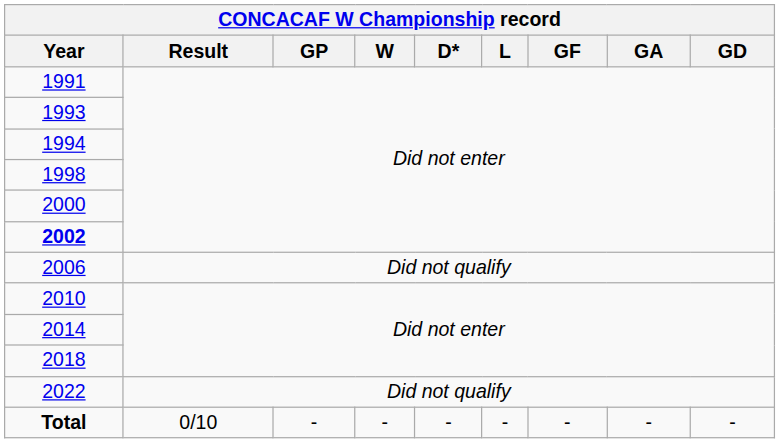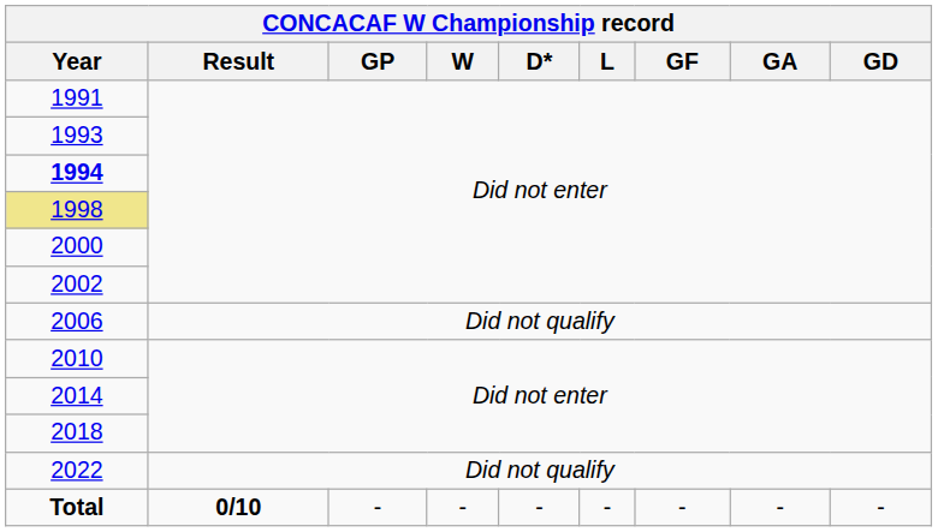 <table class="wikitable" style="text-align: center; width:50%;">
 <tr>
 <th colspan=10><a href='#'>CONCACAF W Championship</a> record</th>
 </tr>
 <tr>
 <th>Year</th>
 <th>Result</th>
 <th>GP</th>
 <th>W</th>
 <th>D*</th>
 <th>L</th>
 <th>GF</th>
 <th>GA</th>
 <th>GD</th>
 </tr>
 <tr>
 <td> <a href='#'>1991</a></td>
 <td colspan=8 rowspan=6><em>Did not enter</em></td>
 </tr>
 <tr>
 <td> <a href='#'>1993</a></td>
 </tr>
 <tr>
-<td> <a href='#'>1994</a></td>
+<td><strong> <a href='#'>1994</a></strong></td>
 </tr>
 <tr>
-<td> <a href='#'>1998</a></td>
+<td style="background: khaki;"> <a href='#'>1998</a></td>
 </tr>
 <tr>
 <td> <a href='#'>2000</a></td>
 </tr>
 <tr>
-<td><strong> <a href='#'>2002</a></strong></td>
+<td> <a href='#'>2002</a></td>
 </tr>
 <tr>
 <td> <a href='#'>2006</a></td>
 <td colspan=8><em>Did not qualify</em></td>
 </tr>
 <tr>
 <td> <a href='#'>2010</a></td>
 <td colspan=8 rowspan=3><em>Did not enter</em></td>
 </tr>
 <tr>
 <td> <a href='#'>2014</a></td>
 </tr>
 <tr>
 <td> <a href='#'>2018</a></td>
 </tr>
 <tr>
 <td> <a href='#'>2022</a></td>
 <td colspan=8><em>Did not qualify</em></td>
 </tr>
 <tr>
 <td><strong>Total</strong></td>
-<td>0/10</td>
+<td><strong>0/10</strong></td>
 <td>-</td>
 <td>-</td>
 <td>-</td>
 <td>-</td>
 <td>-</td>
 <td>-</td>
 <td>-</td>
 </tr>
 </table>
